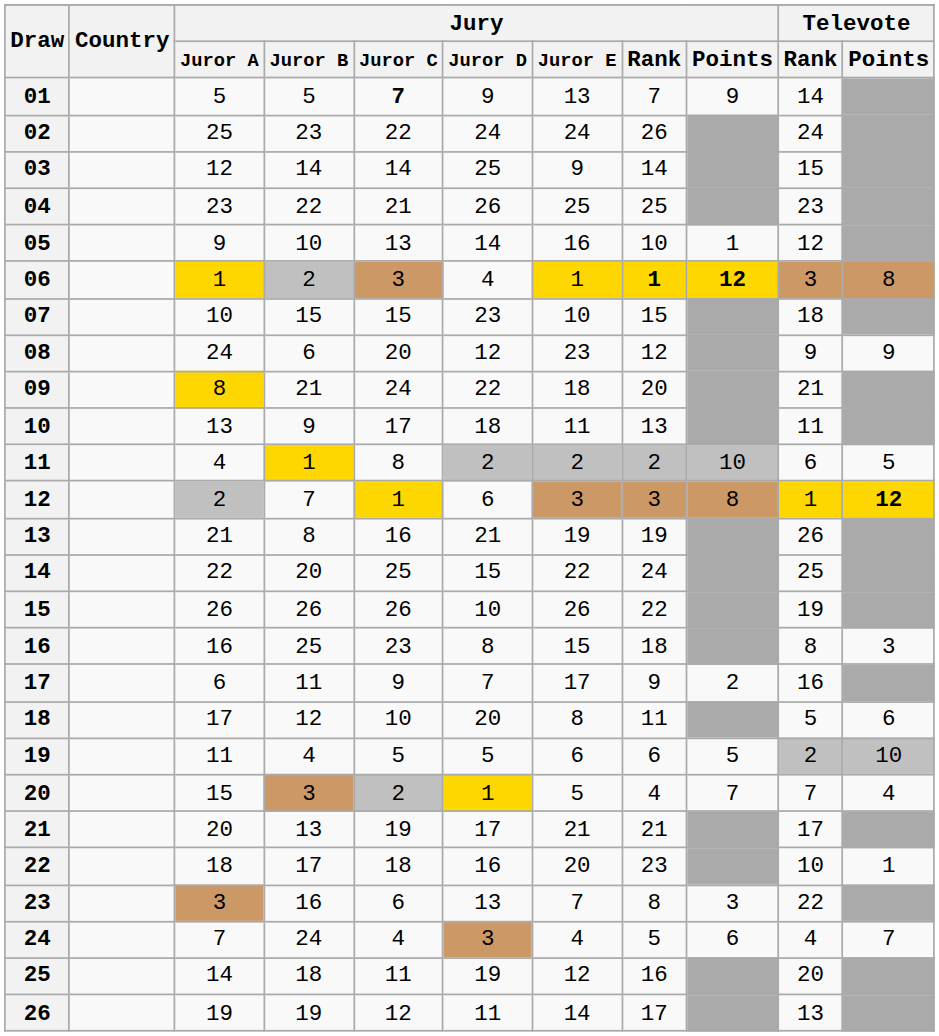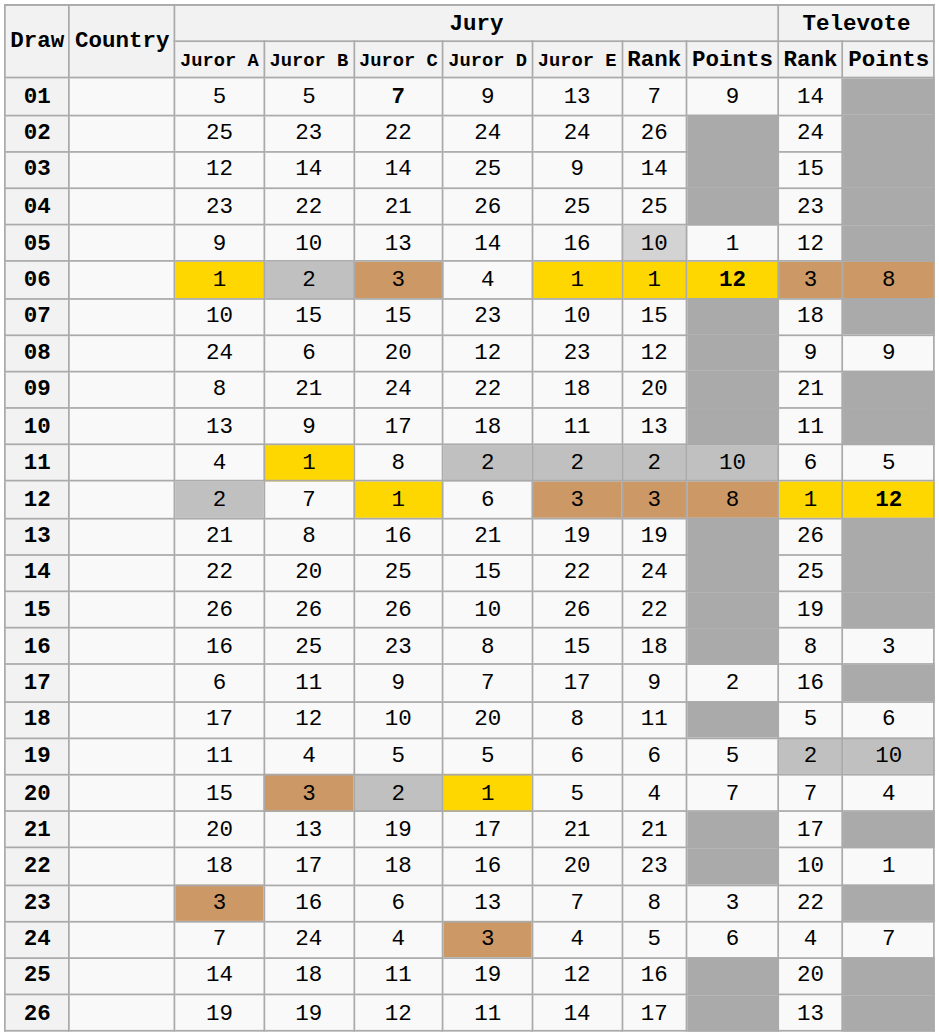 <table class="sortable wikitable collapsible plainrowheaders" style="text-align:center;">
 <tr>
 </tr>
 <tr>
 <th scope="col" rowspan="2">Draw</th>
 <th scope="col" rowspan="2">Country</th>
 <th scope="col" colspan="7">Jury</th>
 <th scope="col" colspan="2">Televote</th>
 </tr>
 <tr>
 <th scope="col"><small>Juror A</small></th>
 <th scope="col"><small>Juror B</small></th>
 <th scope="col"><small>Juror C</small></th>
 <th scope="col"><small>Juror D</small></th>
 <th scope="col"><small>Juror E</small></th>
 <th scope="col">Rank</th>
 <th scope="col">Points</th>
 <th scope="col">Rank</th>
 <th scope="col">Points</th>
 </tr>
 <tr>
 <th scope="row" style="text-align:center;">01</th>
 <td style="text-align:left;"></td>
 <td>5</td>
 <td>5</td>
 <td><strong>7</strong></td>
 <td>9</td>
 <td>13</td>
 <td>7</td>
 <td>9</td>
 <td>14</td>
 <td style="background:#AAAAAA;"></td>
 </tr>
 <tr>
 <th scope="row" style="text-align:center;">02</th>
 <td style="text-align:left;"></td>
 <td>25</td>
 <td>23</td>
 <td>22</td>
 <td>24</td>
 <td>24</td>
 <td>26</td>
 <td style="background:#AAAAAA;"></td>
 <td>24</td>
 <td style="background:#AAAAAA;"></td>
 </tr>
 <tr>
 <th scope="row" style="text-align:center;">03</th>
 <td style="text-align:left;"></td>
 <td>12</td>
 <td>14</td>
 <td>14</td>
 <td>25</td>
 <td>9</td>
 <td>14</td>
 <td style="background:#AAAAAA;"></td>
 <td>15</td>
 <td style="background:#AAAAAA;"></td>
 </tr>
 <tr>
 <th scope="row" style="text-align:center;">04</th>
 <td style="text-align:left;"></td>
 <td>23</td>
 <td>22</td>
 <td>21</td>
 <td>26</td>
 <td>25</td>
 <td>25</td>
 <td style="background:#AAAAAA;"></td>
 <td>23</td>
 <td style="background:#AAAAAA;"></td>
 </tr>
 <tr>
 <th scope="row" style="text-align:center;">05</th>
 <td style="text-align:left;"></td>
 <td>9</td>
 <td>10</td>
 <td>13</td>
 <td>14</td>
 <td>16</td>
-<td>10</td>
+<td style="background: lightgrey;">10</td>
 <td>1</td>
 <td>12</td>
 <td style="background:#AAAAAA;"></td>
 </tr>
 <tr>
 <th scope="row" style="text-align:center;">06</th>
 <td style="text-align:left;"></td>
 <td style="background:gold;">1</td>
 <td style="background:silver;">2</td>
 <td style="background:#CC9966;">3</td>
 <td>4</td>
 <td style="background:gold;">1</td>
-<td style="background:gold;"><strong>1</strong></td>
+<td style="background:gold;">1</td>
 <td style="background:gold;"><strong>12</strong></td>
 <td style="background:#CC9966;">3</td>
 <td style="background:#CC9966;">8</td>
 </tr>
 <tr>
 <th scope="row" style="text-align:center;">07</th>
 <td style="text-align:left;"></td>
 <td>10</td>
 <td>15</td>
 <td>15</td>
 <td>23</td>
 <td>10</td>
 <td>15</td>
 <td style="background:#AAAAAA;"></td>
 <td>18</td>
 <td style="background:#AAAAAA;"></td>
 </tr>
 <tr>
 <th scope="row" style="text-align:center;">08</th>
 <td style="text-align:left;"></td>
 <td>24</td>
 <td>6</td>
 <td>20</td>
 <td>12</td>
 <td>23</td>
 <td>12</td>
 <td style="background:#AAAAAA;"></td>
 <td>9</td>
 <td>9</td>
 </tr>
 <tr>
 <th scope="row" style="text-align:center;">09</th>
 <td style="text-align:left;"></td>
-<td style="background: gold;">8</td>
+<td>8</td>
 <td>21</td>
 <td>24</td>
 <td>22</td>
 <td>18</td>
 <td>20</td>
 <td style="background:#AAAAAA;"></td>
 <td>21</td>
 <td style="background:#AAAAAA;"></td>
 </tr>
 <tr>
 <th scope="row" style="text-align:center;">10</th>
 <td style="text-align:left;"></td>
 <td>13</td>
 <td>9</td>
 <td>17</td>
 <td>18</td>
 <td>11</td>
 <td>13</td>
 <td style="background:#AAAAAA;"></td>
 <td>11</td>
 <td style="background:#AAAAAA;"></td>
 </tr>
 <tr>
 <th scope="row" style="text-align:center;">11</th>
 <td style="text-align:left;"></td>
 <td>4</td>
 <td style="background:gold;">1</td>
 <td>8</td>
 <td style="background:silver;">2</td>
 <td style="background:silver;">2</td>
 <td style="background:silver;">2</td>
 <td style="background:silver;">10</td>
 <td>6</td>
 <td>5</td>
 </tr>
 <tr>
 <th scope="row" style="text-align:center;">12</th>
 <td style="text-align:left;"></td>
 <td style="background:silver;">2</td>
 <td>7</td>
 <td style="background:gold;">1</td>
 <td>6</td>
 <td style="background:#CC9966;">3</td>
 <td style="background:#CC9966;">3</td>
 <td style="background:#CC9966;">8</td>
 <td style="background:gold;">1</td>
 <td style="background:gold;"><strong>12</strong></td>
 </tr>
 <tr>
 <th scope="row" style="text-align:center;">13</th>
 <td style="text-align:left;"></td>
 <td>21</td>
 <td>8</td>
 <td>16</td>
 <td>21</td>
 <td>19</td>
 <td>19</td>
 <td style="background:#AAAAAA;"></td>
 <td>26</td>
 <td style="background:#AAAAAA;"></td>
 </tr>
 <tr>
 <th scope="row" style="text-align:center;">14</th>
 <td style="text-align:left;"></td>
 <td>22</td>
 <td>20</td>
 <td>25</td>
 <td>15</td>
 <td>22</td>
 <td>24</td>
 <td style="background:#AAAAAA;"></td>
 <td>25</td>
 <td style="background:#AAAAAA;"></td>
 </tr>
 <tr>
 <th scope="row" style="text-align:center;">15</th>
 <td style="text-align:left;"></td>
 <td>26</td>
 <td>26</td>
 <td>26</td>
 <td>10</td>
 <td>26</td>
 <td>22</td>
 <td style="background:#AAAAAA;"></td>
 <td>19</td>
 <td style="background:#AAAAAA;"></td>
 </tr>
 <tr>
 <th scope="row" style="text-align:center;">16</th>
 <td style="text-align:left;"></td>
 <td>16</td>
 <td>25</td>
 <td>23</td>
 <td>8</td>
 <td>15</td>
 <td>18</td>
 <td style="background:#AAAAAA;"></td>
 <td>8</td>
 <td>3</td>
 </tr>
 <tr>
 <th scope="row" style="text-align:center;">17</th>
 <td style="text-align:left;"></td>
 <td>6</td>
 <td>11</td>
 <td>9</td>
 <td>7</td>
 <td>17</td>
 <td>9</td>
 <td>2</td>
 <td>16</td>
 <td style="background:#AAAAAA;"></td>
 </tr>
 <tr>
 <th scope="row" style="text-align:center;">18</th>
 <td style="text-align:left;"></td>
 <td>17</td>
 <td>12</td>
 <td>10</td>
 <td>20</td>
 <td>8</td>
 <td>11</td>
 <td style="background:#AAAAAA;"></td>
 <td>5</td>
 <td>6</td>
 </tr>
 <tr>
 <th scope="row" style="text-align:center;">19</th>
 <td style="text-align:left;"></td>
 <td>11</td>
 <td>4</td>
 <td>5</td>
 <td>5</td>
 <td>6</td>
 <td>6</td>
 <td>5</td>
 <td style="background:silver;">2</td>
 <td style="background:silver;">10</td>
 </tr>
 <tr>
 <th scope="row" style="text-align:center;">20</th>
 <td style="text-align:left;"></td>
 <td>15</td>
 <td style="background:#CC9966;">3</td>
 <td style="background:silver;">2</td>
 <td style="background:gold;">1</td>
 <td>5</td>
 <td>4</td>
 <td>7</td>
 <td>7</td>
 <td>4</td>
 </tr>
 <tr>
 <th scope="row" style="text-align:center;">21</th>
 <td style="text-align:left;"></td>
 <td>20</td>
 <td>13</td>
 <td>19</td>
 <td>17</td>
 <td>21</td>
 <td>21</td>
 <td style="background:#AAAAAA;"></td>
 <td>17</td>
 <td style="background:#AAAAAA;"></td>
 </tr>
 <tr>
 <th scope="row" style="text-align:center;">22</th>
 <td style="text-align:left;"></td>
 <td>18</td>
 <td>17</td>
 <td>18</td>
 <td>16</td>
 <td>20</td>
 <td>23</td>
 <td style="background:#AAAAAA;"></td>
 <td>10</td>
 <td>1</td>
 </tr>
 <tr>
 <th scope="row" style="text-align:center;">23</th>
 <td style="text-align:left;"></td>
 <td style="background:#CC9966;">3</td>
 <td>16</td>
 <td>6</td>
 <td>13</td>
 <td>7</td>
 <td>8</td>
 <td>3</td>
 <td>22</td>
 <td style="background:#AAAAAA;"></td>
 </tr>
 <tr>
 <th scope="row" style="text-align:center;">24</th>
 <td style="text-align:left;"></td>
 <td>7</td>
 <td>24</td>
 <td>4</td>
 <td style="background:#CC9966;">3</td>
 <td>4</td>
 <td>5</td>
 <td>6</td>
 <td>4</td>
 <td>7</td>
 </tr>
 <tr>
 <th scope="row" style="text-align:center;">25</th>
 <td style="text-align:left;"></td>
 <td>14</td>
 <td>18</td>
 <td>11</td>
 <td>19</td>
 <td>12</td>
 <td>16</td>
 <td style="background:#AAAAAA;"></td>
 <td>20</td>
 <td style="background:#AAAAAA;"></td>
 </tr>
 <tr>
 <th scope="row" style="text-align:center;">26</th>
 <td style="text-align:left;"></td>
 <td>19</td>
 <td>19</td>
 <td>12</td>
 <td>11</td>
 <td>14</td>
 <td>17</td>
 <td style="background:#AAAAAA;"></td>
 <td>13</td>
 <td style="background:#AAAAAA;"></td>
 </tr>
 </table>
